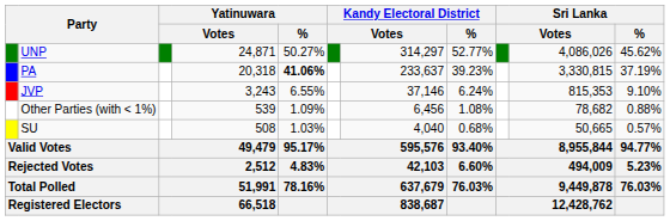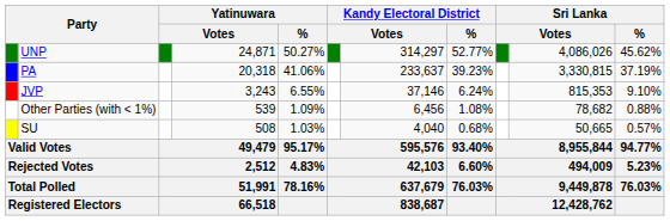 <table class="wikitable">
 <tr>
 <th colspan="2" width="144px"rowspan="2">Party</th>
 <th colspan="3" width="216px">Yatinuwara</th>
 <th colspan="3" width="216px"><a href='#'>Kandy Electoral District</a></th>
 <th colspan="3" width="216px">Sri Lanka</th>
 </tr>
 <tr>
 <th colspan="2" width="144px">Votes</th>
 <th>%</th>
 <th colspan="2" width="144px">Votes</th>
 <th>%</th>
 <th colspan="2" width="144px">Votes</th>
 <th>%</th>
 </tr>
 <tr>
 <td style="background-color:green;" width="10px"></td>
 <td style="text-align:left;"><a href='#'>UNP</a></td>
 <td style="background-color:green;" width="10px"></td>
 <td style="text-align:right;">24,871</td>
 <td style="text-align:right;">50.27%</td>
 <td style="background-color:green;" width="10px"></td>
 <td style="text-align:right;">314,297</td>
 <td style="text-align:right;">52.77%</td>
 <td style="background-color:green;" width="10px"></td>
 <td style="text-align:right;">4,086,026</td>
 <td style="text-align:right;">45.62%</td>
 </tr>
 <tr>
 <td style="background-color:blue;" width="10px"></td>
 <td style="text-align:left;"><a href='#'>PA</a></td>
 <td style="background-color:white;" width="10px"></td>
 <td style="text-align:right;">20,318</td>
-<td style="text-align:right;"><strong>41.06%</strong></td>
+<td style="text-align:right;">41.06%</td>
 <td style="background-color:white;" width="10px"></td>
 <td style="text-align:right;">233,637</td>
 <td style="text-align:right;">39.23%</td>
 <td style="background-color:white;" width="10px"></td>
 <td style="text-align:right;">3,330,815</td>
 <td style="text-align:right;">37.19%</td>
 </tr>
 <tr>
 <td style="background-color:red;" width="10px"></td>
 <td style="text-align:left;"><a href='#'>JVP</a></td>
 <td style="background-color:white;" width="10px"></td>
 <td style="text-align:right;">3,243</td>
 <td style="text-align:right;">6.55%</td>
 <td style="background-color:white;" width="10px"></td>
 <td style="text-align:right;">37,146</td>
 <td style="text-align:right;">6.24%</td>
 <td style="background-color:white;" width="10px"></td>
 <td style="text-align:right;">815,353</td>
 <td style="text-align:right;">9.10%</td>
 </tr>
 <tr>
 <td style="background-color:white;" width="10px"></td>
 <td style="text-align:left;">Other Parties (with < 1%)</td>
 <td style="background-color:white;" width="10px"></td>
 <td style="text-align:right;">539</td>
 <td style="text-align:right;">1.09%</td>
 <td style="background-color:white;" width="10px"></td>
 <td style="text-align:right;">6,456</td>
 <td style="text-align:right;">1.08%</td>
 <td style="background-color:white;" width="10px"></td>
 <td style="text-align:right;">78,682</td>
 <td style="text-align:right;">0.88%</td>
 </tr>
 <tr>
 <td style="background-color:yellow;" width="10px"></td>
 <td style="text-align:left;">SU</td>
 <td style="background-color:white;" width="10px"></td>
 <td style="text-align:right;">508</td>
 <td style="text-align:right;">1.03%</td>
 <td style="background-color:white;" width="10px"></td>
 <td style="text-align:right;">4,040</td>
 <td style="text-align:right;">0.68%</td>
 <td style="background-color:white;" width="10px"></td>
 <td style="text-align:right;">50,665</td>
 <td style="text-align:right;">0.57%</td>
 </tr>
 <tr>
 <th colspan="2" width="144px"style="text-align:left;">Valid Votes</th>
 <th style="text-align:right;"colspan="2" width="144px">49,479</th>
 <th style="text-align:right;">95.17%</th>
 <th style="text-align:right;"colspan="2" width="144px">595,576</th>
 <th style="text-align:right;">93.40%</th>
 <th style="text-align:right;"colspan="2" width="144px">8,955,844</th>
 <th style="text-align:right;">94.77%</th>
 </tr>
 <tr>
 <th colspan="2" width="144px"style="text-align:left;">Rejected Votes</th>
 <th style="text-align:right;"colspan="2" width="144px">2,512</th>
 <th style="text-align:right;">4.83%</th>
 <th style="text-align:right;"colspan="2" width="144px">42,103</th>
 <th style="text-align:right;">6.60%</th>
 <th style="text-align:right;"colspan="2" width="144px">494,009</th>
 <th style="text-align:right;">5.23%</th>
 </tr>
 <tr>
 <th colspan="2" width="144px"style="text-align:left;">Total Polled</th>
 <th style="text-align:right;"colspan="2" width="144px">51,991</th>
 <th style="text-align:right;">78.16%</th>
 <th style="text-align:right;"colspan="2" width="144px">637,679</th>
 <th style="text-align:right;">76.03%</th>
 <th style="text-align:right;"colspan="2" width="144px">9,449,878</th>
 <th style="text-align:right;">76.03%</th>
 </tr>
 <tr>
 <th colspan="2" width="144px"style="text-align:left;">Registered Electors</th>
 <th style="text-align:right;"colspan="2" width="144px">66,518</th>
 <th></th>
 <th style="text-align:right;"colspan="2" width="144px">838,687</th>
 <th></th>
 <th style="text-align:right;"colspan="2" width="144px">12,428,762</th>
 <th></th>
 </tr>
 </table>
